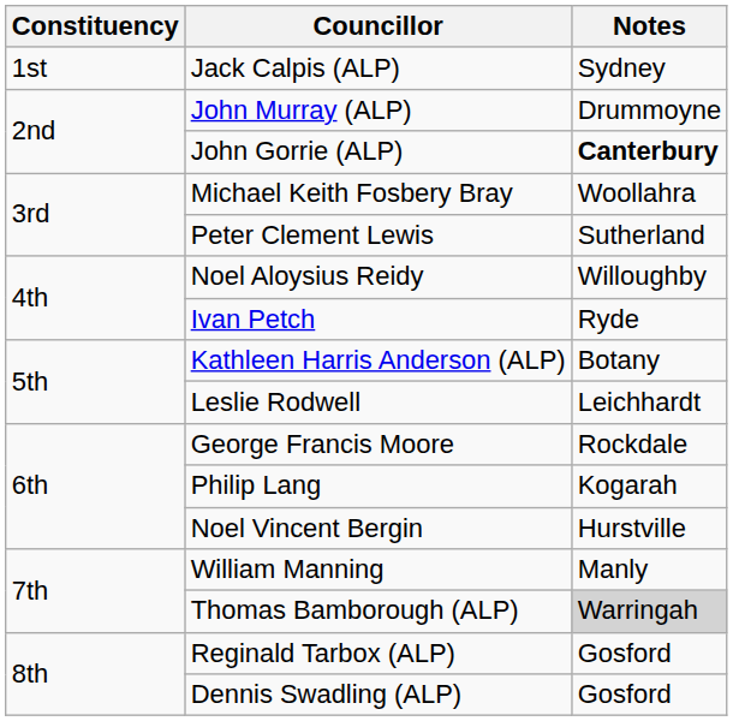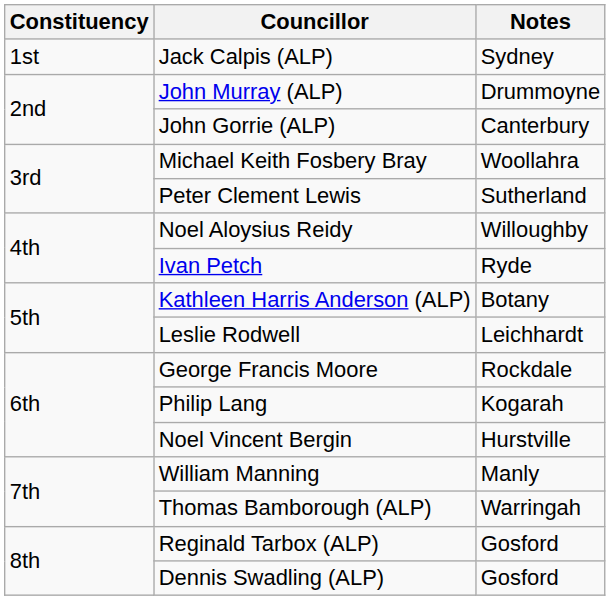 <table class="wikitable">
 <tr>
 <th>Constituency</th>
 <th>Councillor</th>
 <th>Notes</th>
 </tr>
 <tr>
 <td>1st</td>
 <td>Jack Calpis (ALP)</td>
 <td>Sydney</td>
 </tr>
 <tr>
 <td rowspan="2">2nd</td>
 <td><a href='#'>John Murray</a> (ALP)</td>
 <td>Drummoyne</td>
 </tr>
 <tr>
 <td>John Gorrie (ALP)</td>
-<td><strong>Canterbury</strong></td>
+<td>Canterbury</td>
 </tr>
 <tr>
 <td rowspan="2">3rd</td>
 <td>Michael Keith Fosbery Bray</td>
 <td>Woollahra</td>
 </tr>
 <tr>
 <td>Peter Clement Lewis</td>
 <td>Sutherland</td>
 </tr>
 <tr>
 <td rowspan="2">4th</td>
 <td>Noel Aloysius Reidy</td>
 <td>Willoughby</td>
 </tr>
 <tr>
 <td><a href='#'>Ivan Petch</a></td>
 <td>Ryde</td>
 </tr>
 <tr>
 <td rowspan="2">5th</td>
 <td><a href='#'>Kathleen Harris Anderson</a> (ALP)</td>
 <td>Botany</td>
 </tr>
 <tr>
 <td>Leslie Rodwell</td>
 <td>Leichhardt</td>
 </tr>
 <tr>
 <td rowspan="3">6th</td>
 <td>George Francis Moore</td>
 <td>Rockdale</td>
 </tr>
 <tr>
 <td>Philip Lang</td>
 <td>Kogarah</td>
 </tr>
 <tr>
 <td>Noel Vincent Bergin</td>
 <td>Hurstville</td>
 </tr>
 <tr>
 <td rowspan="2">7th</td>
 <td>William Manning</td>
 <td>Manly</td>
 </tr>
 <tr>
 <td>Thomas Bamborough (ALP)</td>
-<td style="background: lightgrey;">Warringah</td>
+<td>Warringah</td>
 </tr>
 <tr>
 <td rowspan="2">8th</td>
 <td>Reginald Tarbox (ALP)</td>
 <td>Gosford</td>
 </tr>
 <tr>
 <td>Dennis Swadling (ALP)</td>
 <td>Gosford</td>
 </tr>
 </table>
